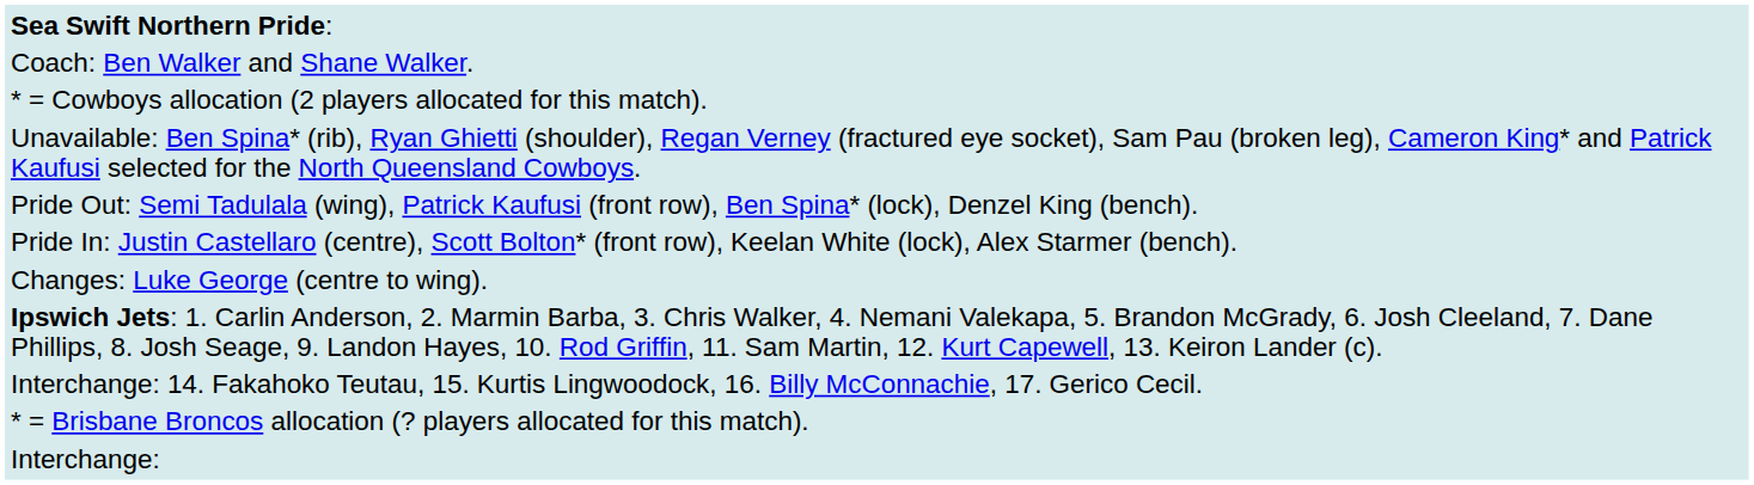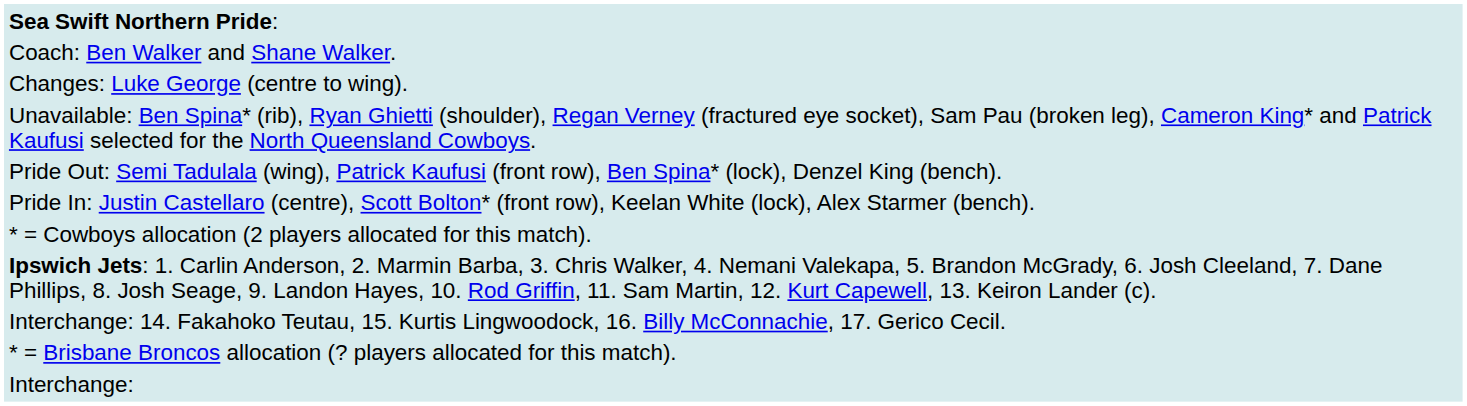 <table style="background:#d7ebed; font-size:85%; width:100%;">
 <tr>
 <td><strong>Sea Swift Northern Pride</strong>:             </td>
 </tr>
 <tr>
 <td>Coach: <a href='#'>Ben Walker</a> and <a href='#'>Shane Walker</a>.</td>
 </tr>
 <tr>
-<td>* = Cowboys allocation (2 players allocated for this match).</td>
+<td>Changes: <a href='#'>Luke George</a> (centre to wing).</td>
 </tr>
 <tr>
 <td>Unavailable:  <a href='#'>Ben Spina</a>* (rib), <a href='#'>Ryan Ghietti</a> (shoulder), <a href='#'>Regan Verney</a> (fractured eye socket), Sam Pau (broken leg), <a href='#'>Cameron King</a>* and <a href='#'>Patrick Kaufusi</a> selected for the <a href='#'>North Queensland Cowboys</a>.</td>
 </tr>
 <tr>
 <td>Pride Out: <a href='#'>Semi Tadulala</a> (wing), <a href='#'>Patrick Kaufusi</a> (front row), <a href='#'>Ben Spina</a>* (lock), Denzel King (bench).</td>
 </tr>
 <tr>
 <td>Pride In: <a href='#'>Justin Castellaro</a> (centre), <a href='#'>Scott Bolton</a>* (front row), Keelan White (lock), Alex Starmer (bench).</td>
 </tr>
 <tr>
-<td>Changes: <a href='#'>Luke George</a> (centre to wing).</td>
+<td>* = Cowboys allocation (2 players allocated for this match).</td>
 </tr>
 <tr>
 <td><strong>Ipswich Jets</strong>:  1. Carlin Anderson, 2. Marmin Barba, 3. Chris Walker, 4. Nemani Valekapa, 5. Brandon McGrady, 6. Josh Cleeland, 7. Dane Phillips, 8. Josh Seage, 9. Landon Hayes, 10. <a href='#'>Rod Griffin</a>, 11. Sam Martin, 12. <a href='#'>Kurt Capewell</a>, 13. Keiron Lander (c).</td>
 </tr>
 <tr>
 <td>Interchange: 14. Fakahoko Teutau, 15. Kurtis Lingwoodock, 16. <a href='#'>Billy McConnachie</a>, 17. Gerico Cecil.</td>
 </tr>
 <tr>
 <td>* = <a href='#'>Brisbane Broncos</a> allocation (? players allocated for this match).</td>
 </tr>
 <tr>
 <td>Interchange:    </td>
 </tr>
 </table>
